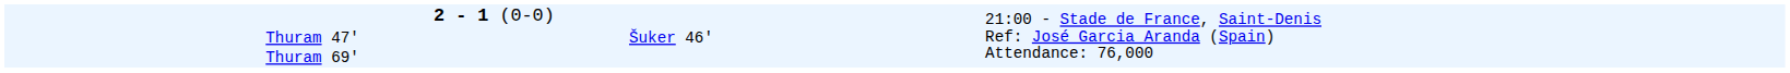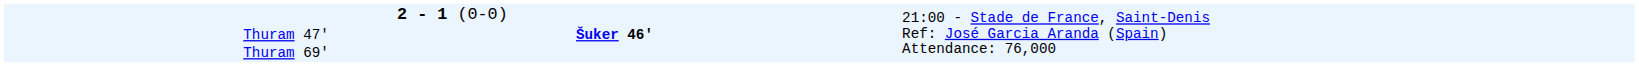 <table cellspacing=0 width=100% style=background:#EBF5FF>
 <tr>
 <td width="20%" align="right"><strong></strong></td>
 <td align="center" width=15%><strong>2 - 1</strong> (0-0)</td>
 <td width="20%"><strong></strong></td>
 <td style=font-size:85% rowspan=3>21:00 - <a href='#'>Stade de France</a>, <a href='#'>Saint-Denis</a><br>Ref: <a href='#'>José Garcia Aranda</a> (<a href='#'>Spain</a>)<br>Attendance: 76,000</td>
 </tr>
 <tr style=font-size:85%>
 <td align="right"><a href='#'>Thuram</a> 47'</td>
 <td></td>
-<td><a href='#'>Šuker</a> 46'</td>
+<td><strong><a href='#'>Šuker</a> 46'</strong></td>
 </tr>
 <tr style=font-size:85%>
 <td align="right"><a href='#'>Thuram</a> 69'</td>
 </tr>
 </table>
